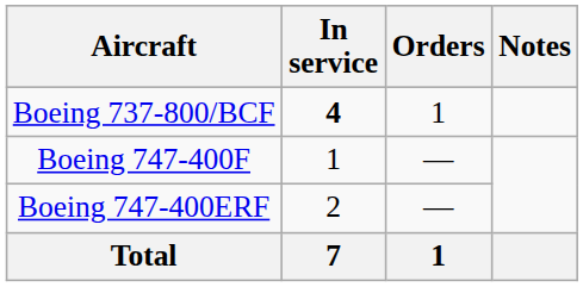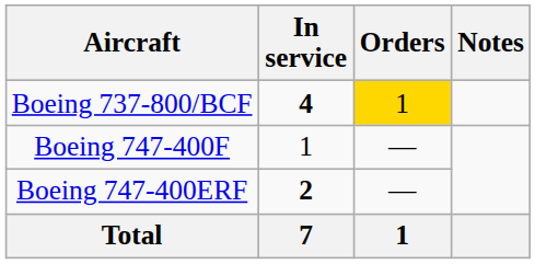 <table class="wikitable" style="margin:0.5em auto; text-align:center">
 <tr>
 <th>Aircraft</th>
 <th>In <br> service</th>
 <th>Orders</th>
 <th>Notes</th>
 </tr>
 <tr>
 <td><a href='#'>Boeing 737-800/BCF</a></td>
 <td><strong>4</strong></td>
-<td>1</td>
+<td style="background: gold;">1</td>
 <td></td>
 </tr>
 <tr>
 <td><a href='#'>Boeing 747-400F</a></td>
 <td>1</td>
 <td>—</td>
 </tr>
 <tr>
 <td><a href='#'>Boeing 747-400ERF</a></td>
-<td>2</td>
+<td><strong>2</strong></td>
 <td>—</td>
 </tr>
 <tr>
 <th>Total</th>
 <th>7</th>
 <th>1</th>
 <th></th>
 </tr>
 </table>
